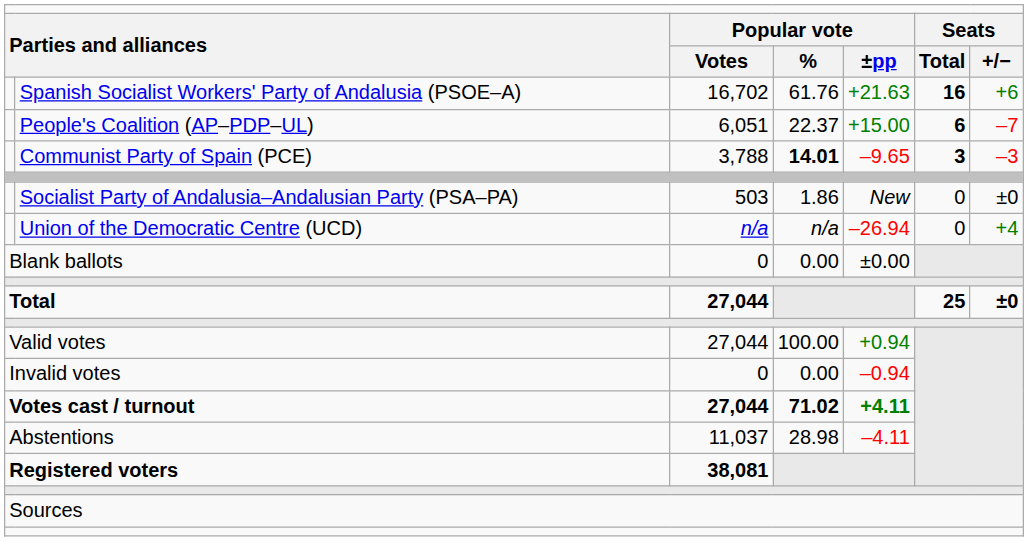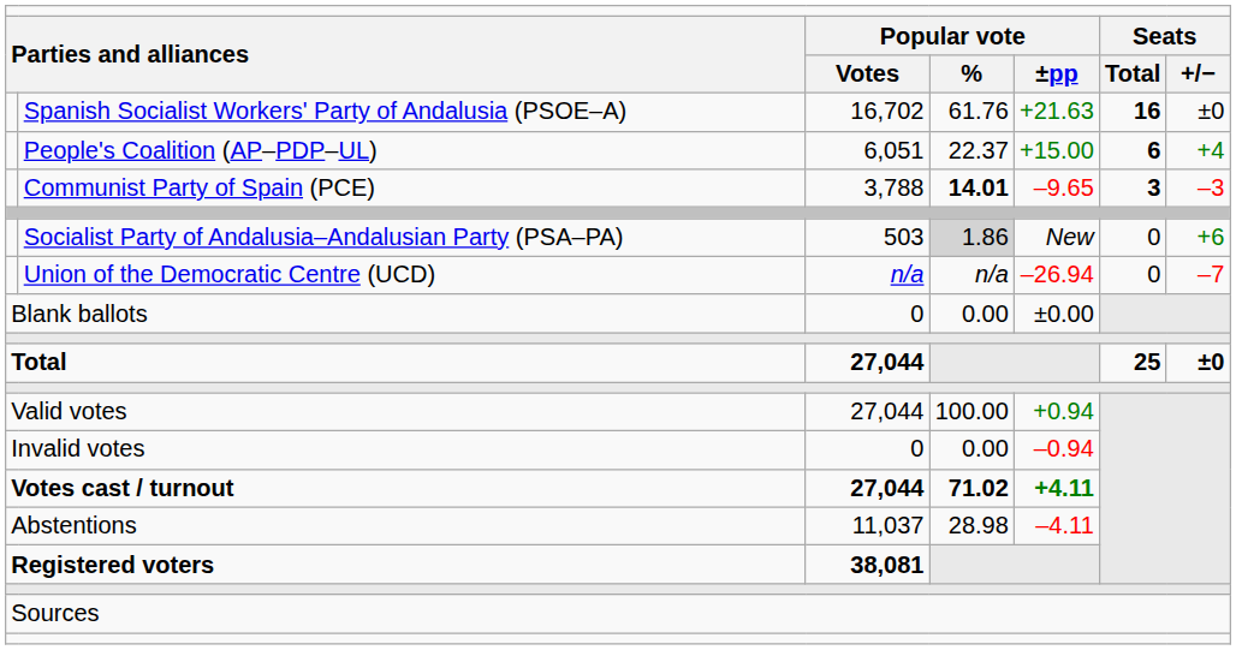 <table class="wikitable" style="text-align:right;">
 <tr>
 <td colspan="7"></td>
 </tr>
 <tr>
 <th style="text-align:left;" rowspan="2" colspan="2" width="525">Parties and alliances</th>
 <th colspan="3">Popular vote</th>
 <th colspan="2">Seats</th>
 </tr>
 <tr>
 <th width="75">Votes</th>
 <th width="45">%</th>
 <th width="45">±<a href='#'>pp</a></th>
 <th width="35">Total</th>
 <th width="35">+/−</th>
 </tr>
 <tr>
 <td width="1" style="color:inherit;background:"></td>
 <td align="left"><a href='#'>Spanish Socialist Workers' Party of Andalusia</a> (PSOE–A)</td>
 <td>16,702</td>
 <td>61.76</td>
 <td style="color:green;">+21.63</td>
 <td><strong>16</strong></td>
-<td style="color:green;">+6</td>
+<td>±0</td>
 </tr>
 <tr>
 <td style="color:inherit;background:"></td>
 <td align="left"><a href='#'>People's Coalition</a> (<a href='#'>AP</a>–<a href='#'>PDP</a>–<a href='#'>UL</a>)</td>
 <td>6,051</td>
 <td>22.37</td>
 <td style="color:green;">+15.00</td>
 <td><strong>6</strong></td>
-<td style="color:red;">–7</td>
+<td style="color:green;">+4</td>
 </tr>
 <tr>
 <td style="color:inherit;background:"></td>
 <td align="left"><a href='#'>Communist Party of Spain</a> (PCE)</td>
 <td>3,788</td>
 <td><strong>14.01</strong></td>
 <td style="color:red;">–9.65</td>
 <td><strong>3</strong></td>
 <td style="color:red;">–3</td>
 </tr>
 <tr>
 <td colspan="7" bgcolor="#C0C0C0"></td>
 </tr>
 <tr>
 <td style="color:inherit;background:"></td>
 <td align="left"><a href='#'>Socialist Party of Andalusia–Andalusian Party</a> (PSA–PA)</td>
 <td>503</td>
-<td>1.86</td>
+<td style="background: lightgrey;">1.86</td>
 <td><em>New</em></td>
 <td>0</td>
-<td>±0</td>
+<td style="color:green;">+6</td>
 </tr>
 <tr>
 <td style="color:inherit;background:"></td>
 <td align="left"><a href='#'>Union of the Democratic Centre</a> (UCD)</td>
 <td><em><a href='#'>n/a</a></em></td>
 <td><em>n/a</em></td>
 <td style="color:red;">–26.94</td>
 <td>0</td>
-<td style="color:green;">+4</td>
+<td style="color:red;">–7</td>
 </tr>
 <tr>
 <td align="left" colspan="2">Blank ballots</td>
 <td>0</td>
 <td>0.00</td>
 <td>±0.00</td>
 <td bgcolor="#E9E9E9" colspan="2"></td>
 </tr>
 <tr>
 <td colspan="7" bgcolor="#E9E9E9"></td>
 </tr>
 <tr style="font-weight:bold;">
 <td align="left" colspan="2">Total</td>
 <td>27,044</td>
 <td bgcolor="#E9E9E9" colspan="2"></td>
 <td>25</td>
 <td>±0</td>
 </tr>
 <tr>
 <td colspan="7" bgcolor="#E9E9E9"></td>
 </tr>
 <tr>
 <td align="left" colspan="2">Valid votes</td>
 <td>27,044</td>
 <td>100.00</td>
 <td style="color:green;">+0.94</td>
 <td bgcolor="#E9E9E9" colspan="2" rowspan="5"></td>
 </tr>
 <tr>
 <td align="left" colspan="2">Invalid votes</td>
 <td>0</td>
 <td>0.00</td>
 <td style="color:red;">–0.94</td>
 </tr>
 <tr style="font-weight:bold;">
 <td align="left" colspan="2">Votes cast / turnout</td>
 <td>27,044</td>
 <td>71.02</td>
 <td style="color:green;">+4.11</td>
 </tr>
 <tr>
 <td align="left" colspan="2">Abstentions</td>
 <td>11,037</td>
 <td>28.98</td>
 <td style="color:red;">–4.11</td>
 </tr>
 <tr style="font-weight:bold;">
 <td align="left" colspan="2">Registered voters</td>
 <td>38,081</td>
 <td bgcolor="#E9E9E9" colspan="2"></td>
 </tr>
 <tr>
 <td colspan="7" bgcolor="#E9E9E9"></td>
 </tr>
 <tr>
 <td align="left" colspan="7">Sources</td>
 </tr>
 <tr>
 <td colspan="7" style="text-align:left; max-width:790px;"></td>
 </tr>
 </table>
